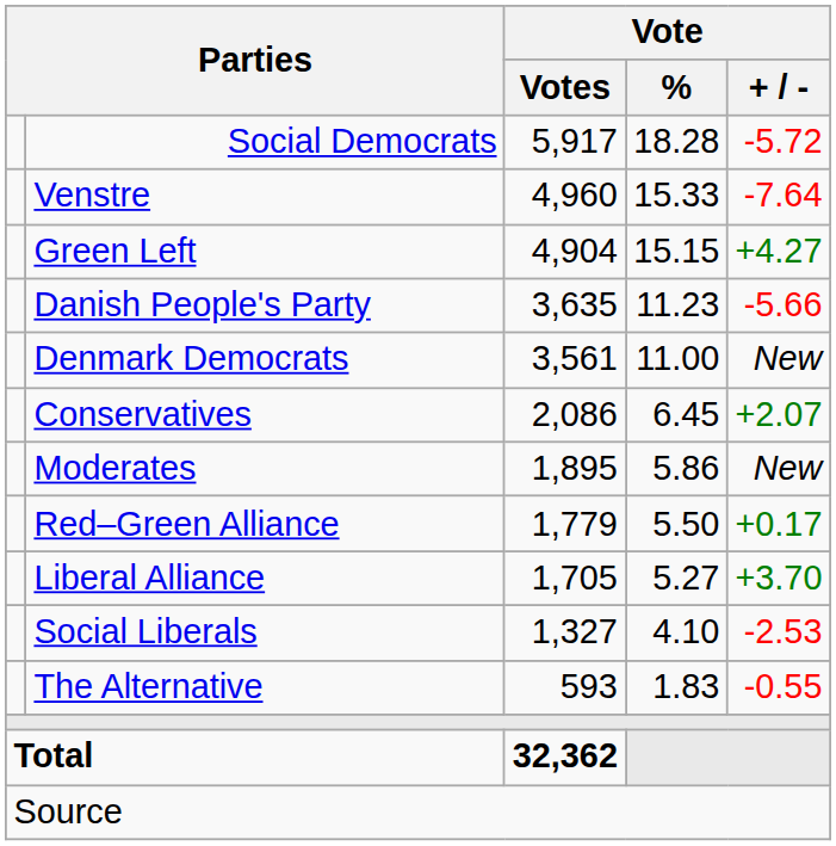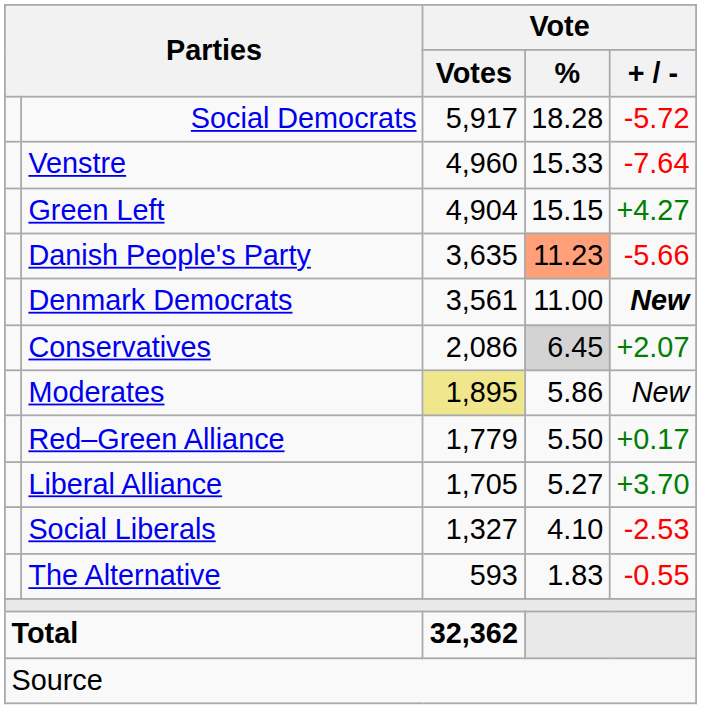 <table class="wikitable" style="text-align:right;">
 <tr>
 <th style="text-align:centre;" rowspan="2" colspan="2" width="225">Parties</th>
 <th colspan="3">Vote</th>
 </tr>
 <tr>
 <th width="15">Votes</th>
 <th width="15">%</th>
 <th width="15">+ / -</th>
 </tr>
 <tr>
 <td width=2 bgcolor=></td>
 <td><a href='#'>Social Democrats</a></td>
 <td>5,917</td>
 <td>18.28</td>
 <td style=color:red;>-5.72</td>
 </tr>
 <tr>
 <td width=2 bgcolor=></td>
 <td align=left><a href='#'>Venstre</a></td>
 <td>4,960</td>
 <td>15.33</td>
 <td style=color:red;>-7.64</td>
 </tr>
 <tr>
 <td width=2 bgcolor=></td>
 <td align=left><a href='#'>Green Left</a></td>
 <td>4,904</td>
 <td>15.15</td>
 <td style=color:green;>+4.27</td>
 </tr>
 <tr>
 <td width=2 bgcolor=></td>
 <td align=left><a href='#'>Danish People's Party</a></td>
 <td>3,635</td>
-<td>11.23</td>
+<td style="background: lightsalmon;">11.23</td>
 <td style=color:red;>-5.66</td>
 </tr>
 <tr>
 <td width=2 bgcolor=></td>
 <td align=left><a href='#'>Denmark Democrats</a></td>
 <td>3,561</td>
 <td>11.00</td>
-<td><em>New</em></td>
+<td><strong><em>New</em></strong></td>
 </tr>
 <tr>
 <td width=2 bgcolor=></td>
 <td align=left><a href='#'>Conservatives</a></td>
 <td>2,086</td>
-<td>6.45</td>
+<td style="background: lightgrey;">6.45</td>
 <td style=color:green;>+2.07</td>
 </tr>
 <tr>
 <td width=2 bgcolor=></td>
 <td align=left><a href='#'>Moderates</a></td>
-<td>1,895</td>
+<td style="background: khaki;">1,895</td>
 <td>5.86</td>
 <td><em>New</em></td>
 </tr>
 <tr>
 <td width=2 bgcolor=></td>
 <td align=left><a href='#'>Red–Green Alliance</a></td>
 <td>1,779</td>
 <td>5.50</td>
 <td style=color:green;>+0.17</td>
 </tr>
 <tr>
 <td width=2 bgcolor=></td>
 <td align=left><a href='#'>Liberal Alliance</a></td>
 <td>1,705</td>
 <td>5.27</td>
 <td style=color:green;>+3.70</td>
 </tr>
 <tr>
 <td width=2 bgcolor=></td>
 <td align=left><a href='#'>Social Liberals</a></td>
 <td>1,327</td>
 <td>4.10</td>
 <td style=color:red;>-2.53</td>
 </tr>
 <tr>
 <td width=2 bgcolor=></td>
 <td align=left><a href='#'>The Alternative</a></td>
 <td>593</td>
 <td>1.83</td>
 <td style=color:red;>-0.55</td>
 </tr>
 <tr>
 <td colspan="7" bgcolor="#E9E9E9"></td>
 </tr>
 <tr>
 <td align="left" colspan="2"><strong>Total</strong></td>
 <td><strong>32,362</strong></td>
 <td bgcolor=#E9E9E9 colspan=2></td>
 </tr>
 <tr>
 <td align="left" colspan="6">Source</td>
 </tr>
 </table>
